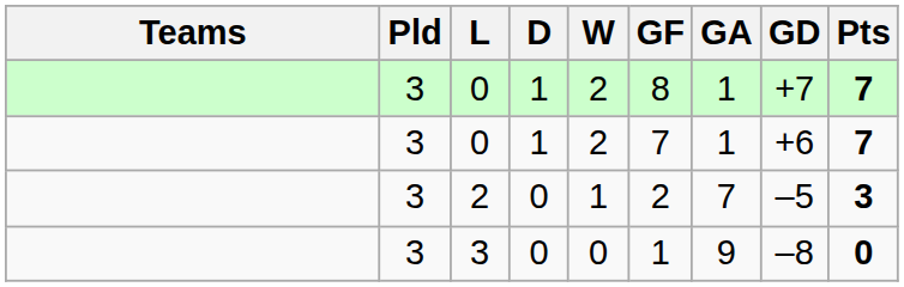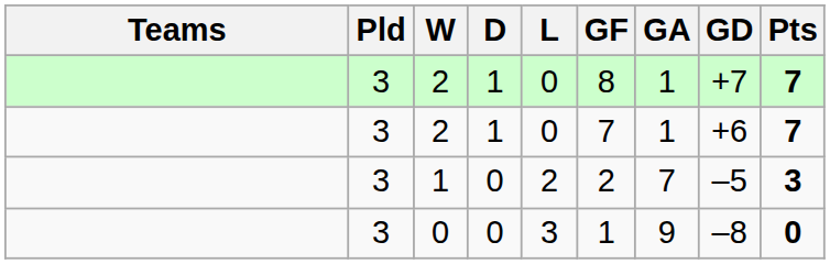 <table class="wikitable" style="text-align: center;">
 <tr>
 <th width=165>Teams</th>
 <th width=20>Pld</th>
+<th width=20>W</th>
+<th width=20>D</th>
 <th width=20>L</th>
-<th width=20>D</th>
-<th width=20>W</th>
 <th width=20>GF</th>
 <th width=20>GA</th>
 <th width=20>GD</th>
 <th width=20>Pts</th>
 </tr>
 <tr align=center style="background:#ccffcc;">
 <td style="text-align:left;"></td>
 <td>3</td>
+<td>2</td>
+<td>1</td>
 <td>0</td>
-<td>1</td>
-<td>2</td>
 <td>8</td>
 <td>1</td>
 <td>+7</td>
 <td><strong>7</strong></td>
 </tr>
 <tr align=center>
 <td style="text-align:left;"></td>
 <td>3</td>
+<td>2</td>
+<td>1</td>
 <td>0</td>
-<td>1</td>
-<td>2</td>
 <td>7</td>
 <td>1</td>
 <td>+6</td>
 <td><strong>7</strong></td>
 </tr>
 <tr align=center>
 <td style="text-align:left;"></td>
 <td>3</td>
+<td>1</td>
+<td>0</td>
 <td>2</td>
-<td>0</td>
-<td>1</td>
 <td>2</td>
 <td>7</td>
 <td>–5</td>
 <td><strong>3</strong></td>
 </tr>
 <tr align=center>
 <td style="text-align:left;"></td>
 <td>3</td>
-<td>3</td>
 <td>0</td>
 <td>0</td>
+<td>3</td>
 <td>1</td>
 <td>9</td>
 <td>–8</td>
 <td><strong>0</strong></td>
 </tr>
 </table>
